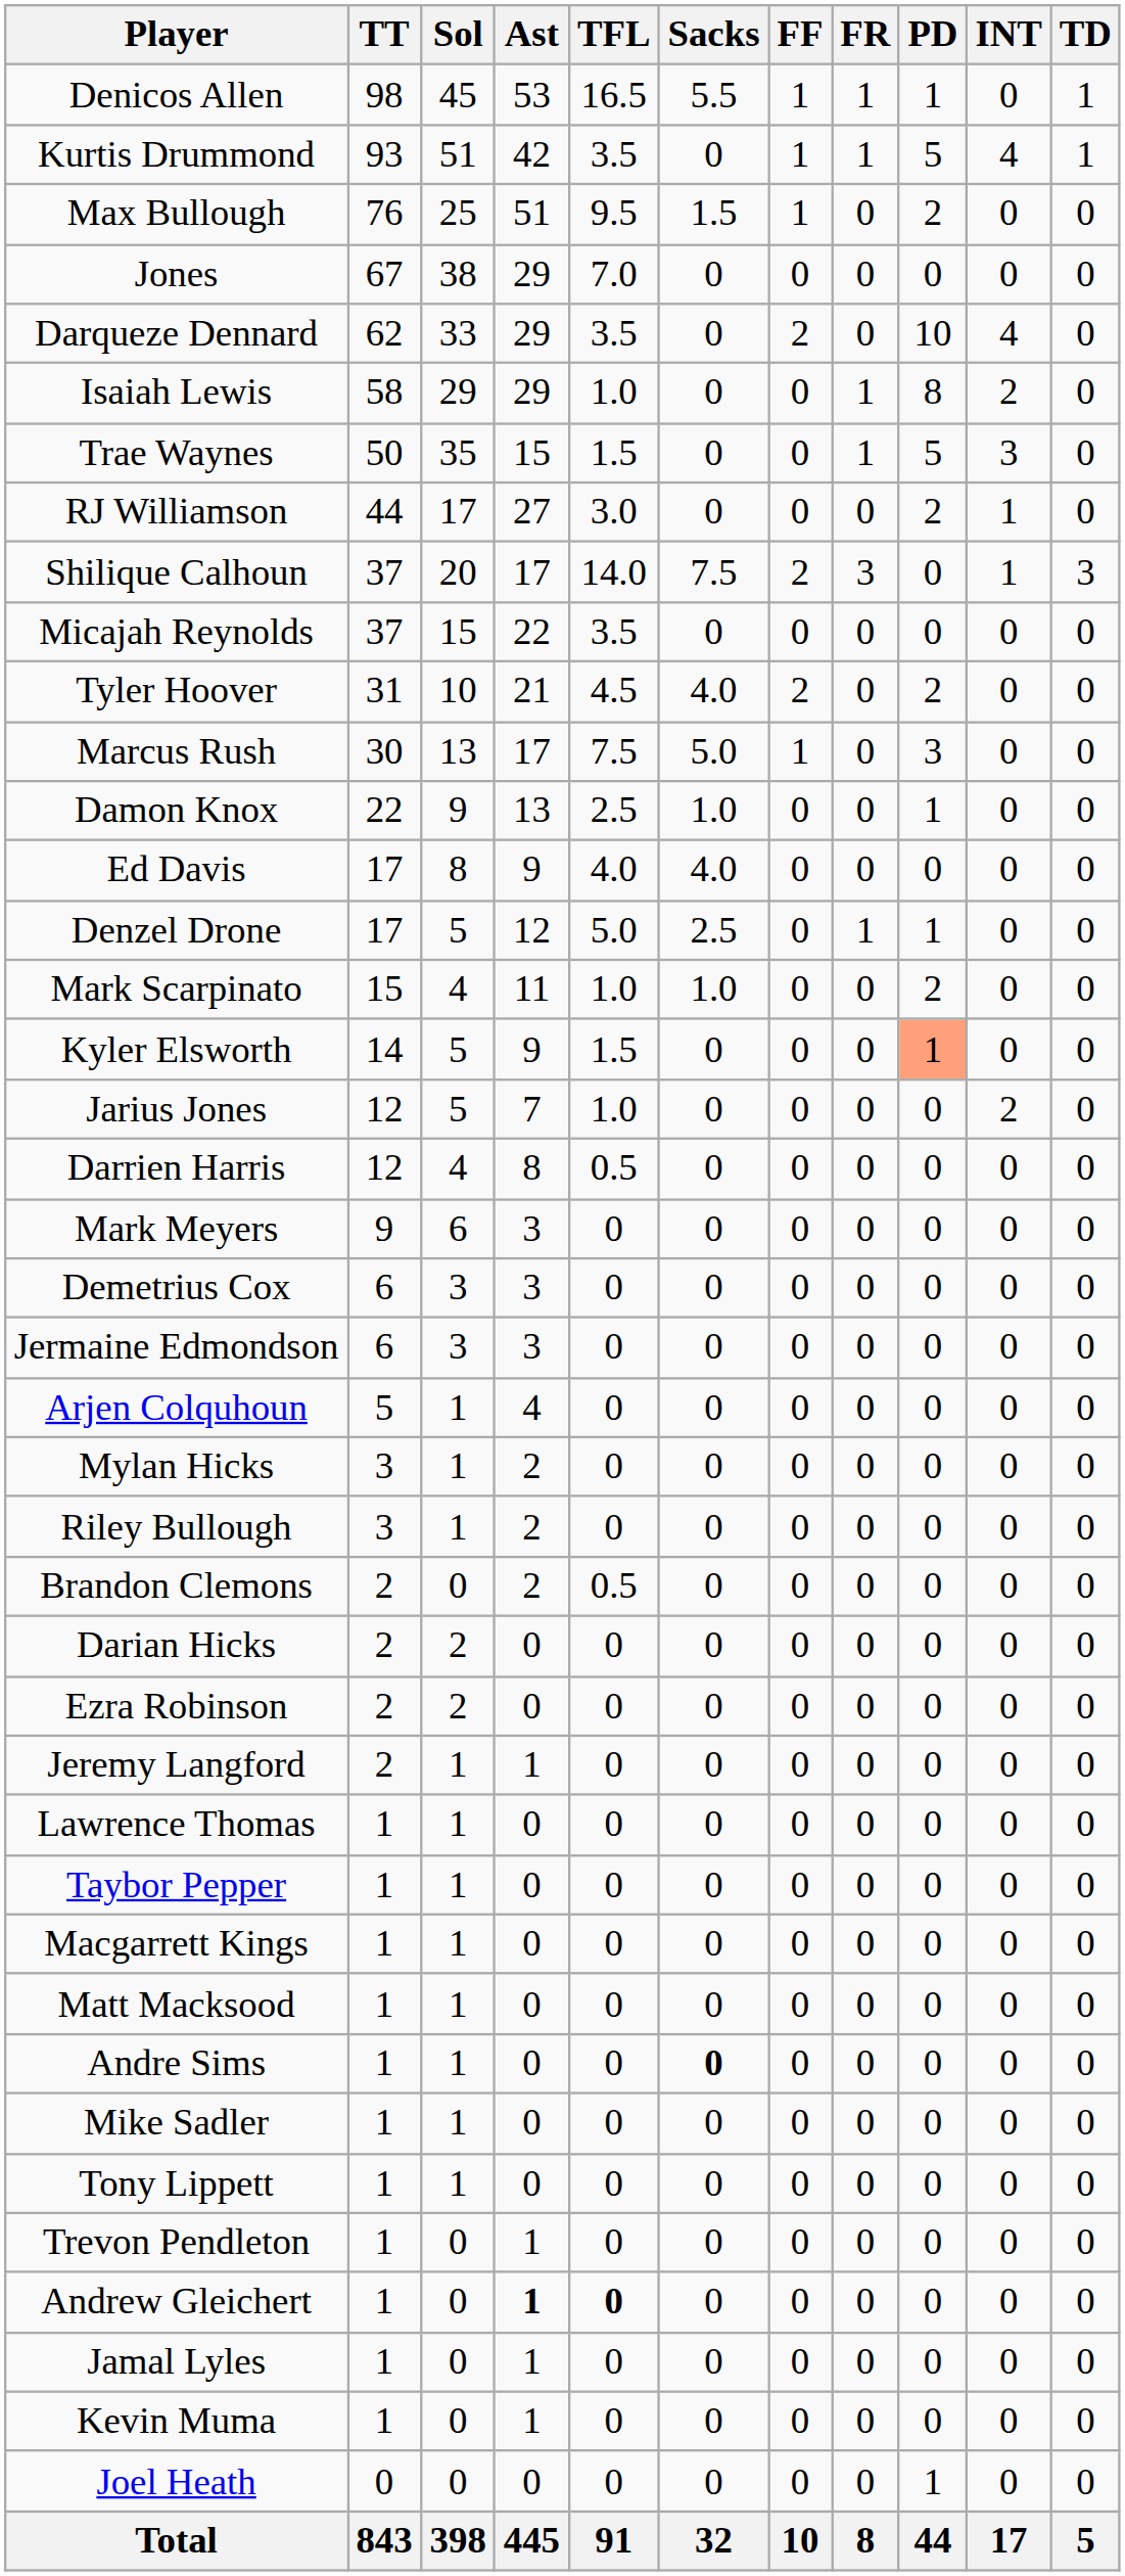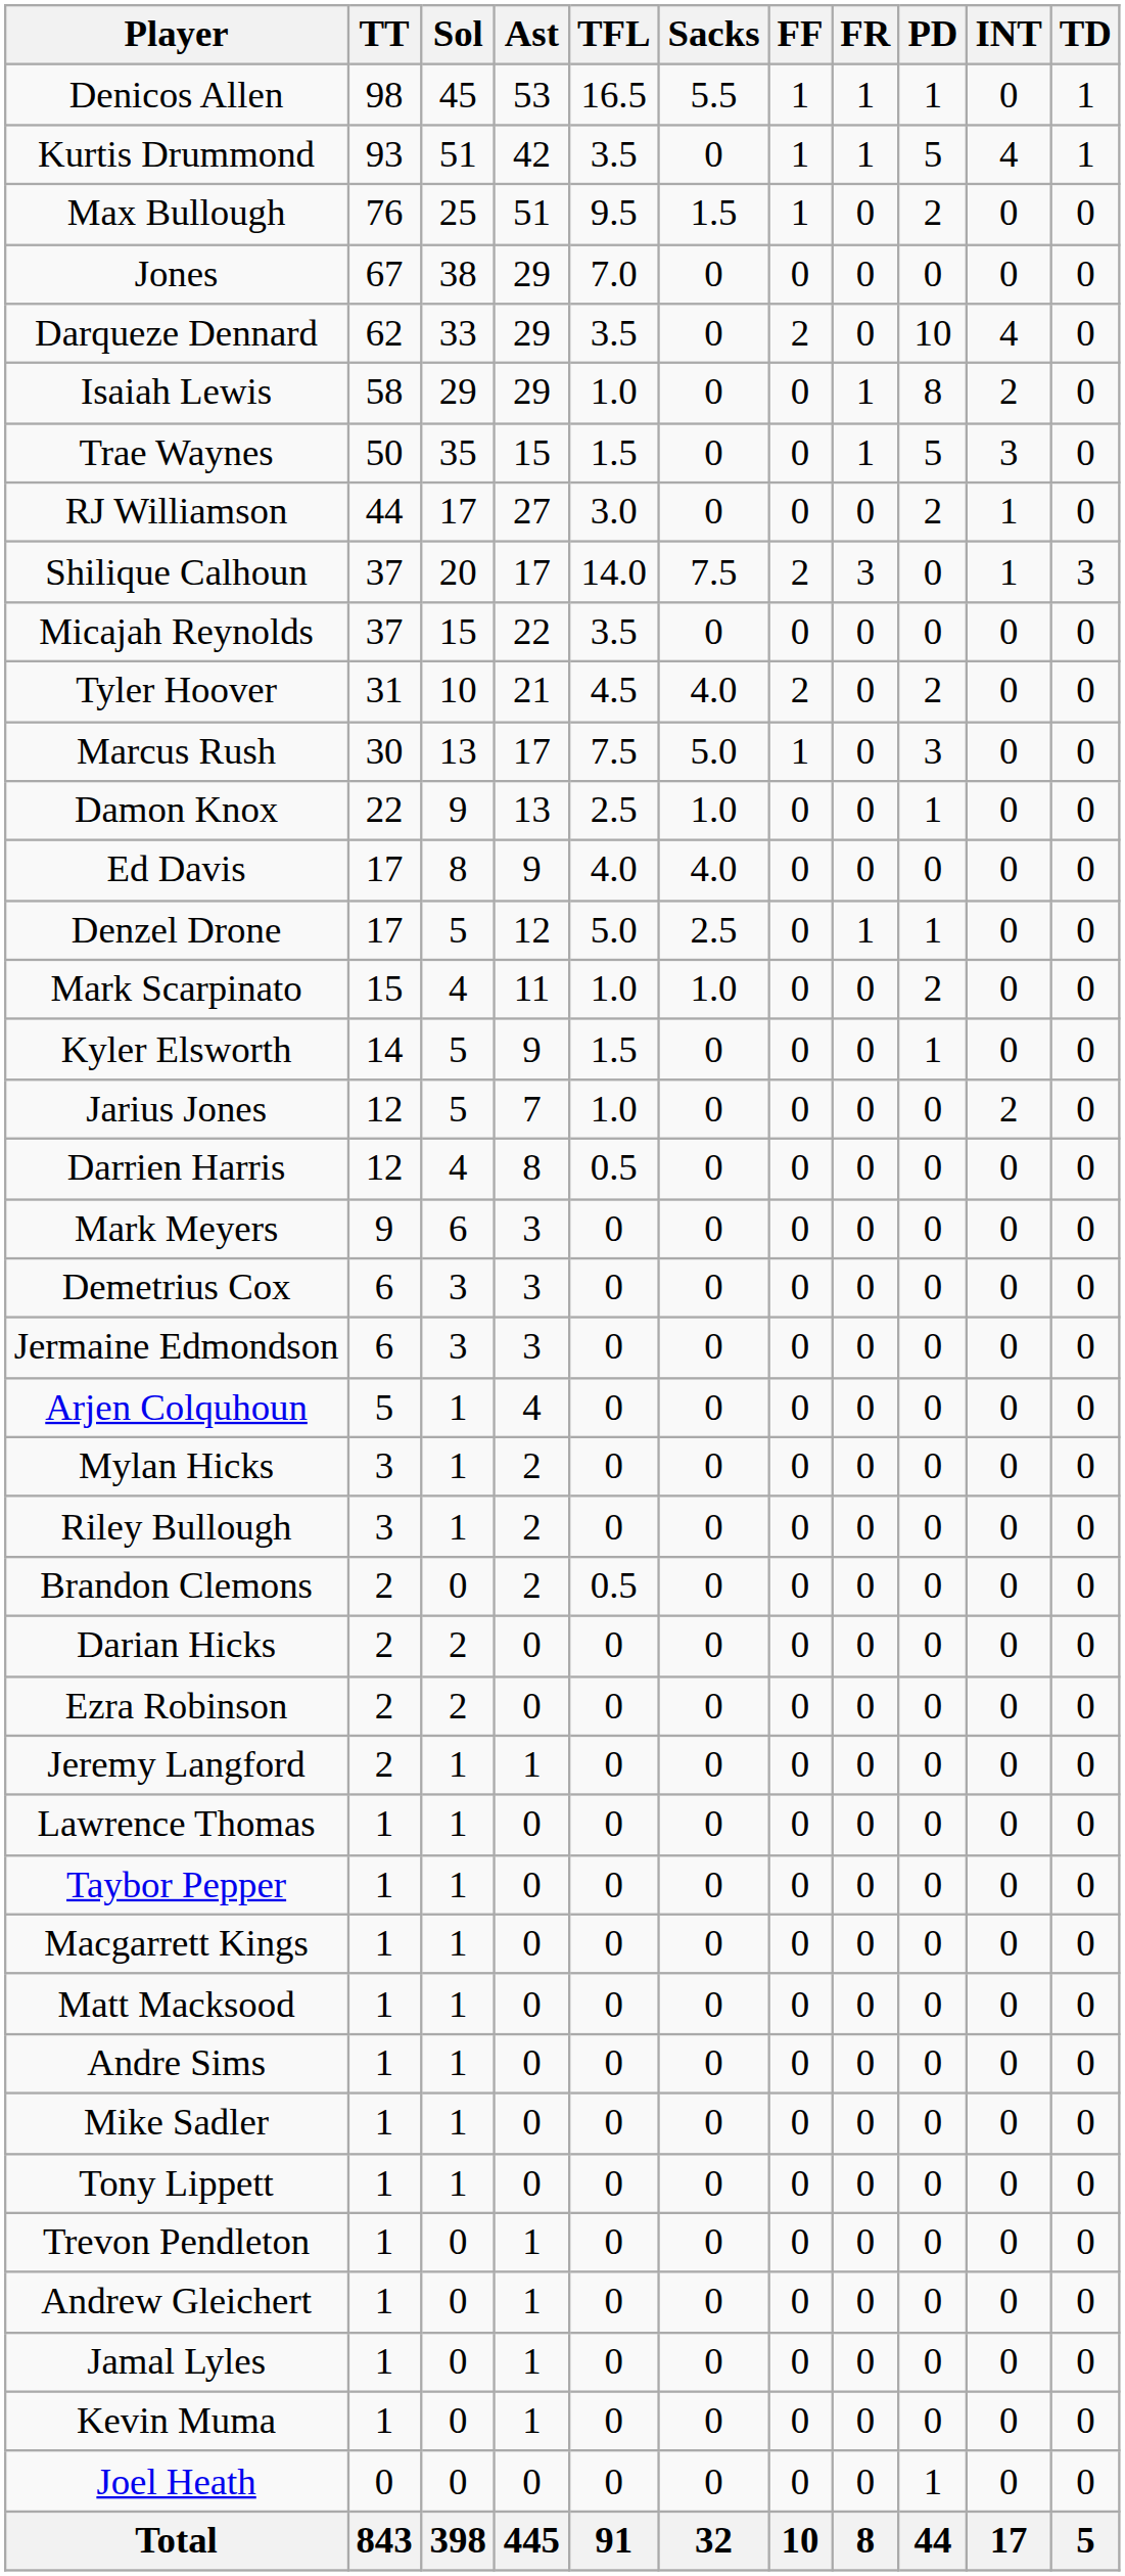 <table class=wikitable style="text-align:center;">
 <tr>
 <th>Player</th>
 <th>TT</th>
 <th>Sol</th>
 <th>Ast</th>
 <th>TFL</th>
 <th>Sacks</th>
 <th>FF</th>
 <th>FR</th>
 <th>PD</th>
 <th>INT</th>
 <th>TD</th>
 </tr>
 <tr>
 <td>Denicos Allen</td>
 <td>98</td>
 <td>45</td>
 <td>53</td>
 <td>16.5</td>
 <td>5.5</td>
 <td>1</td>
 <td>1</td>
 <td>1</td>
 <td>0</td>
 <td>1</td>
 </tr>
 <tr>
 <td>Kurtis Drummond</td>
 <td>93</td>
 <td>51</td>
 <td>42</td>
 <td>3.5</td>
 <td>0</td>
 <td>1</td>
 <td>1</td>
 <td>5</td>
 <td>4</td>
 <td>1</td>
 </tr>
 <tr>
 <td>Max Bullough</td>
 <td>76</td>
 <td>25</td>
 <td>51</td>
 <td>9.5</td>
 <td>1.5</td>
 <td>1</td>
 <td>0</td>
 <td>2</td>
 <td>0</td>
 <td>0</td>
 </tr>
 <tr>
 <td> Jones</td>
 <td>67</td>
 <td>38</td>
 <td>29</td>
 <td>7.0</td>
 <td>0</td>
 <td>0</td>
 <td>0</td>
 <td>0</td>
 <td>0</td>
 <td>0</td>
 </tr>
 <tr>
 <td>Darqueze Dennard</td>
 <td>62</td>
 <td>33</td>
 <td>29</td>
 <td>3.5</td>
 <td>0</td>
 <td>2</td>
 <td>0</td>
 <td>10</td>
 <td>4</td>
 <td>0</td>
 </tr>
 <tr>
 <td>Isaiah Lewis</td>
 <td>58</td>
 <td>29</td>
 <td>29</td>
 <td>1.0</td>
 <td>0</td>
 <td>0</td>
 <td>1</td>
 <td>8</td>
 <td>2</td>
 <td>0</td>
 </tr>
 <tr>
 <td>Trae Waynes</td>
 <td>50</td>
 <td>35</td>
 <td>15</td>
 <td>1.5</td>
 <td>0</td>
 <td>0</td>
 <td>1</td>
 <td>5</td>
 <td>3</td>
 <td>0</td>
 </tr>
 <tr>
 <td>RJ Williamson</td>
 <td>44</td>
 <td>17</td>
 <td>27</td>
 <td>3.0</td>
 <td>0</td>
 <td>0</td>
 <td>0</td>
 <td>2</td>
 <td>1</td>
 <td>0</td>
 </tr>
 <tr>
 <td>Shilique Calhoun</td>
 <td>37</td>
 <td>20</td>
 <td>17</td>
 <td>14.0</td>
 <td>7.5</td>
 <td>2</td>
 <td>3</td>
 <td>0</td>
 <td>1</td>
 <td>3</td>
 </tr>
 <tr>
 <td>Micajah Reynolds</td>
 <td>37</td>
 <td>15</td>
 <td>22</td>
 <td>3.5</td>
 <td>0</td>
 <td>0</td>
 <td>0</td>
 <td>0</td>
 <td>0</td>
 <td>0</td>
 </tr>
 <tr>
 <td>Tyler Hoover</td>
 <td>31</td>
 <td>10</td>
 <td>21</td>
 <td>4.5</td>
 <td>4.0</td>
 <td>2</td>
 <td>0</td>
 <td>2</td>
 <td>0</td>
 <td>0</td>
 </tr>
 <tr>
 <td>Marcus Rush</td>
 <td>30</td>
 <td>13</td>
 <td>17</td>
 <td>7.5</td>
 <td>5.0</td>
 <td>1</td>
 <td>0</td>
 <td>3</td>
 <td>0</td>
 <td>0</td>
 </tr>
 <tr>
 <td>Damon Knox</td>
 <td>22</td>
 <td>9</td>
 <td>13</td>
 <td>2.5</td>
 <td>1.0</td>
 <td>0</td>
 <td>0</td>
 <td>1</td>
 <td>0</td>
 <td>0</td>
 </tr>
 <tr>
 <td>Ed Davis</td>
 <td>17</td>
 <td>8</td>
 <td>9</td>
 <td>4.0</td>
 <td>4.0</td>
 <td>0</td>
 <td>0</td>
 <td>0</td>
 <td>0</td>
 <td>0</td>
 </tr>
 <tr>
 <td>Denzel Drone</td>
 <td>17</td>
 <td>5</td>
 <td>12</td>
 <td>5.0</td>
 <td>2.5</td>
 <td>0</td>
 <td>1</td>
 <td>1</td>
 <td>0</td>
 <td>0</td>
 </tr>
 <tr>
 <td>Mark Scarpinato</td>
 <td>15</td>
 <td>4</td>
 <td>11</td>
 <td>1.0</td>
 <td>1.0</td>
 <td>0</td>
 <td>0</td>
 <td>2</td>
 <td>0</td>
 <td>0</td>
 </tr>
 <tr>
 <td>Kyler Elsworth</td>
 <td>14</td>
 <td>5</td>
 <td>9</td>
 <td>1.5</td>
 <td>0</td>
 <td>0</td>
 <td>0</td>
-<td style="background: lightsalmon;">1</td>
+<td>1</td>
 <td>0</td>
 <td>0</td>
 </tr>
 <tr>
 <td>Jarius Jones</td>
 <td>12</td>
 <td>5</td>
 <td>7</td>
 <td>1.0</td>
 <td>0</td>
 <td>0</td>
 <td>0</td>
 <td>0</td>
 <td>2</td>
 <td>0</td>
 </tr>
 <tr>
 <td>Darrien Harris</td>
 <td>12</td>
 <td>4</td>
 <td>8</td>
 <td>0.5</td>
 <td>0</td>
 <td>0</td>
 <td>0</td>
 <td>0</td>
 <td>0</td>
 <td>0</td>
 </tr>
 <tr>
 <td>Mark Meyers</td>
 <td>9</td>
 <td>6</td>
 <td>3</td>
 <td>0</td>
 <td>0</td>
 <td>0</td>
 <td>0</td>
 <td>0</td>
 <td>0</td>
 <td>0</td>
 </tr>
 <tr>
 <td>Demetrius Cox</td>
 <td>6</td>
 <td>3</td>
 <td>3</td>
 <td>0</td>
 <td>0</td>
 <td>0</td>
 <td>0</td>
 <td>0</td>
 <td>0</td>
 <td>0</td>
 </tr>
 <tr>
 <td>Jermaine Edmondson</td>
 <td>6</td>
 <td>3</td>
 <td>3</td>
 <td>0</td>
 <td>0</td>
 <td>0</td>
 <td>0</td>
 <td>0</td>
 <td>0</td>
 <td>0</td>
 </tr>
 <tr>
 <td><a href='#'>Arjen Colquhoun</a></td>
 <td>5</td>
 <td>1</td>
 <td>4</td>
 <td>0</td>
 <td>0</td>
 <td>0</td>
 <td>0</td>
 <td>0</td>
 <td>0</td>
 <td>0</td>
 </tr>
 <tr>
 <td>Mylan Hicks</td>
 <td>3</td>
 <td>1</td>
 <td>2</td>
 <td>0</td>
 <td>0</td>
 <td>0</td>
 <td>0</td>
 <td>0</td>
 <td>0</td>
 <td>0</td>
 </tr>
 <tr>
 <td>Riley Bullough</td>
 <td>3</td>
 <td>1</td>
 <td>2</td>
 <td>0</td>
 <td>0</td>
 <td>0</td>
 <td>0</td>
 <td>0</td>
 <td>0</td>
 <td>0</td>
 </tr>
 <tr>
 <td>Brandon Clemons</td>
 <td>2</td>
 <td>0</td>
 <td>2</td>
 <td>0.5</td>
 <td>0</td>
 <td>0</td>
 <td>0</td>
 <td>0</td>
 <td>0</td>
 <td>0</td>
 </tr>
 <tr>
 <td>Darian Hicks</td>
 <td>2</td>
 <td>2</td>
 <td>0</td>
 <td>0</td>
 <td>0</td>
 <td>0</td>
 <td>0</td>
 <td>0</td>
 <td>0</td>
 <td>0</td>
 </tr>
 <tr>
 <td>Ezra Robinson</td>
 <td>2</td>
 <td>2</td>
 <td>0</td>
 <td>0</td>
 <td>0</td>
 <td>0</td>
 <td>0</td>
 <td>0</td>
 <td>0</td>
 <td>0</td>
 </tr>
 <tr>
 <td>Jeremy Langford</td>
 <td>2</td>
 <td>1</td>
 <td>1</td>
 <td>0</td>
 <td>0</td>
 <td>0</td>
 <td>0</td>
 <td>0</td>
 <td>0</td>
 <td>0</td>
 </tr>
 <tr>
 <td>Lawrence Thomas</td>
 <td>1</td>
 <td>1</td>
 <td>0</td>
 <td>0</td>
 <td>0</td>
 <td>0</td>
 <td>0</td>
 <td>0</td>
 <td>0</td>
 <td>0</td>
 </tr>
 <tr>
 <td><a href='#'>Taybor Pepper</a></td>
 <td>1</td>
 <td>1</td>
 <td>0</td>
 <td>0</td>
 <td>0</td>
 <td>0</td>
 <td>0</td>
 <td>0</td>
 <td>0</td>
 <td>0</td>
 </tr>
 <tr>
 <td>Macgarrett Kings</td>
 <td>1</td>
 <td>1</td>
 <td>0</td>
 <td>0</td>
 <td>0</td>
 <td>0</td>
 <td>0</td>
 <td>0</td>
 <td>0</td>
 <td>0</td>
 </tr>
 <tr>
 <td>Matt Macksood</td>
 <td>1</td>
 <td>1</td>
 <td>0</td>
 <td>0</td>
 <td>0</td>
 <td>0</td>
 <td>0</td>
 <td>0</td>
 <td>0</td>
 <td>0</td>
 </tr>
 <tr>
 <td>Andre Sims</td>
 <td>1</td>
 <td>1</td>
 <td>0</td>
 <td>0</td>
-<td><strong>0</strong></td>
+<td>0</td>
 <td>0</td>
 <td>0</td>
 <td>0</td>
 <td>0</td>
 <td>0</td>
 </tr>
 <tr>
 <td>Mike Sadler</td>
 <td>1</td>
 <td>1</td>
 <td>0</td>
 <td>0</td>
 <td>0</td>
 <td>0</td>
 <td>0</td>
 <td>0</td>
 <td>0</td>
 <td>0</td>
 </tr>
 <tr>
 <td>Tony Lippett</td>
 <td>1</td>
 <td>1</td>
 <td>0</td>
 <td>0</td>
 <td>0</td>
 <td>0</td>
 <td>0</td>
 <td>0</td>
 <td>0</td>
 <td>0</td>
 </tr>
 <tr>
 <td>Trevon Pendleton</td>
 <td>1</td>
 <td>0</td>
 <td>1</td>
 <td>0</td>
 <td>0</td>
 <td>0</td>
 <td>0</td>
 <td>0</td>
 <td>0</td>
 <td>0</td>
 </tr>
 <tr>
 <td>Andrew Gleichert</td>
 <td>1</td>
 <td>0</td>
-<td><strong>1</strong></td>
-<td><strong>0</strong></td>
+<td>1</td>
+<td>0</td>
 <td>0</td>
 <td>0</td>
 <td>0</td>
 <td>0</td>
 <td>0</td>
 <td>0</td>
 </tr>
 <tr>
 <td>Jamal Lyles</td>
 <td>1</td>
 <td>0</td>
 <td>1</td>
 <td>0</td>
 <td>0</td>
 <td>0</td>
 <td>0</td>
 <td>0</td>
 <td>0</td>
 <td>0</td>
 </tr>
 <tr>
 <td>Kevin Muma</td>
 <td>1</td>
 <td>0</td>
 <td>1</td>
 <td>0</td>
 <td>0</td>
 <td>0</td>
 <td>0</td>
 <td>0</td>
 <td>0</td>
 <td>0</td>
 </tr>
 <tr>
 <td><a href='#'>Joel Heath</a></td>
 <td>0</td>
 <td>0</td>
 <td>0</td>
 <td>0</td>
 <td>0</td>
 <td>0</td>
 <td>0</td>
 <td>1</td>
 <td>0</td>
 <td>0</td>
 </tr>
 <tr>
 <th>Total</th>
 <th>843</th>
 <th>398</th>
 <th>445</th>
 <th>91</th>
 <th>32</th>
 <th>10</th>
 <th>8</th>
 <th>44</th>
 <th>17</th>
 <th>5</th>
 </tr>
 </table>
